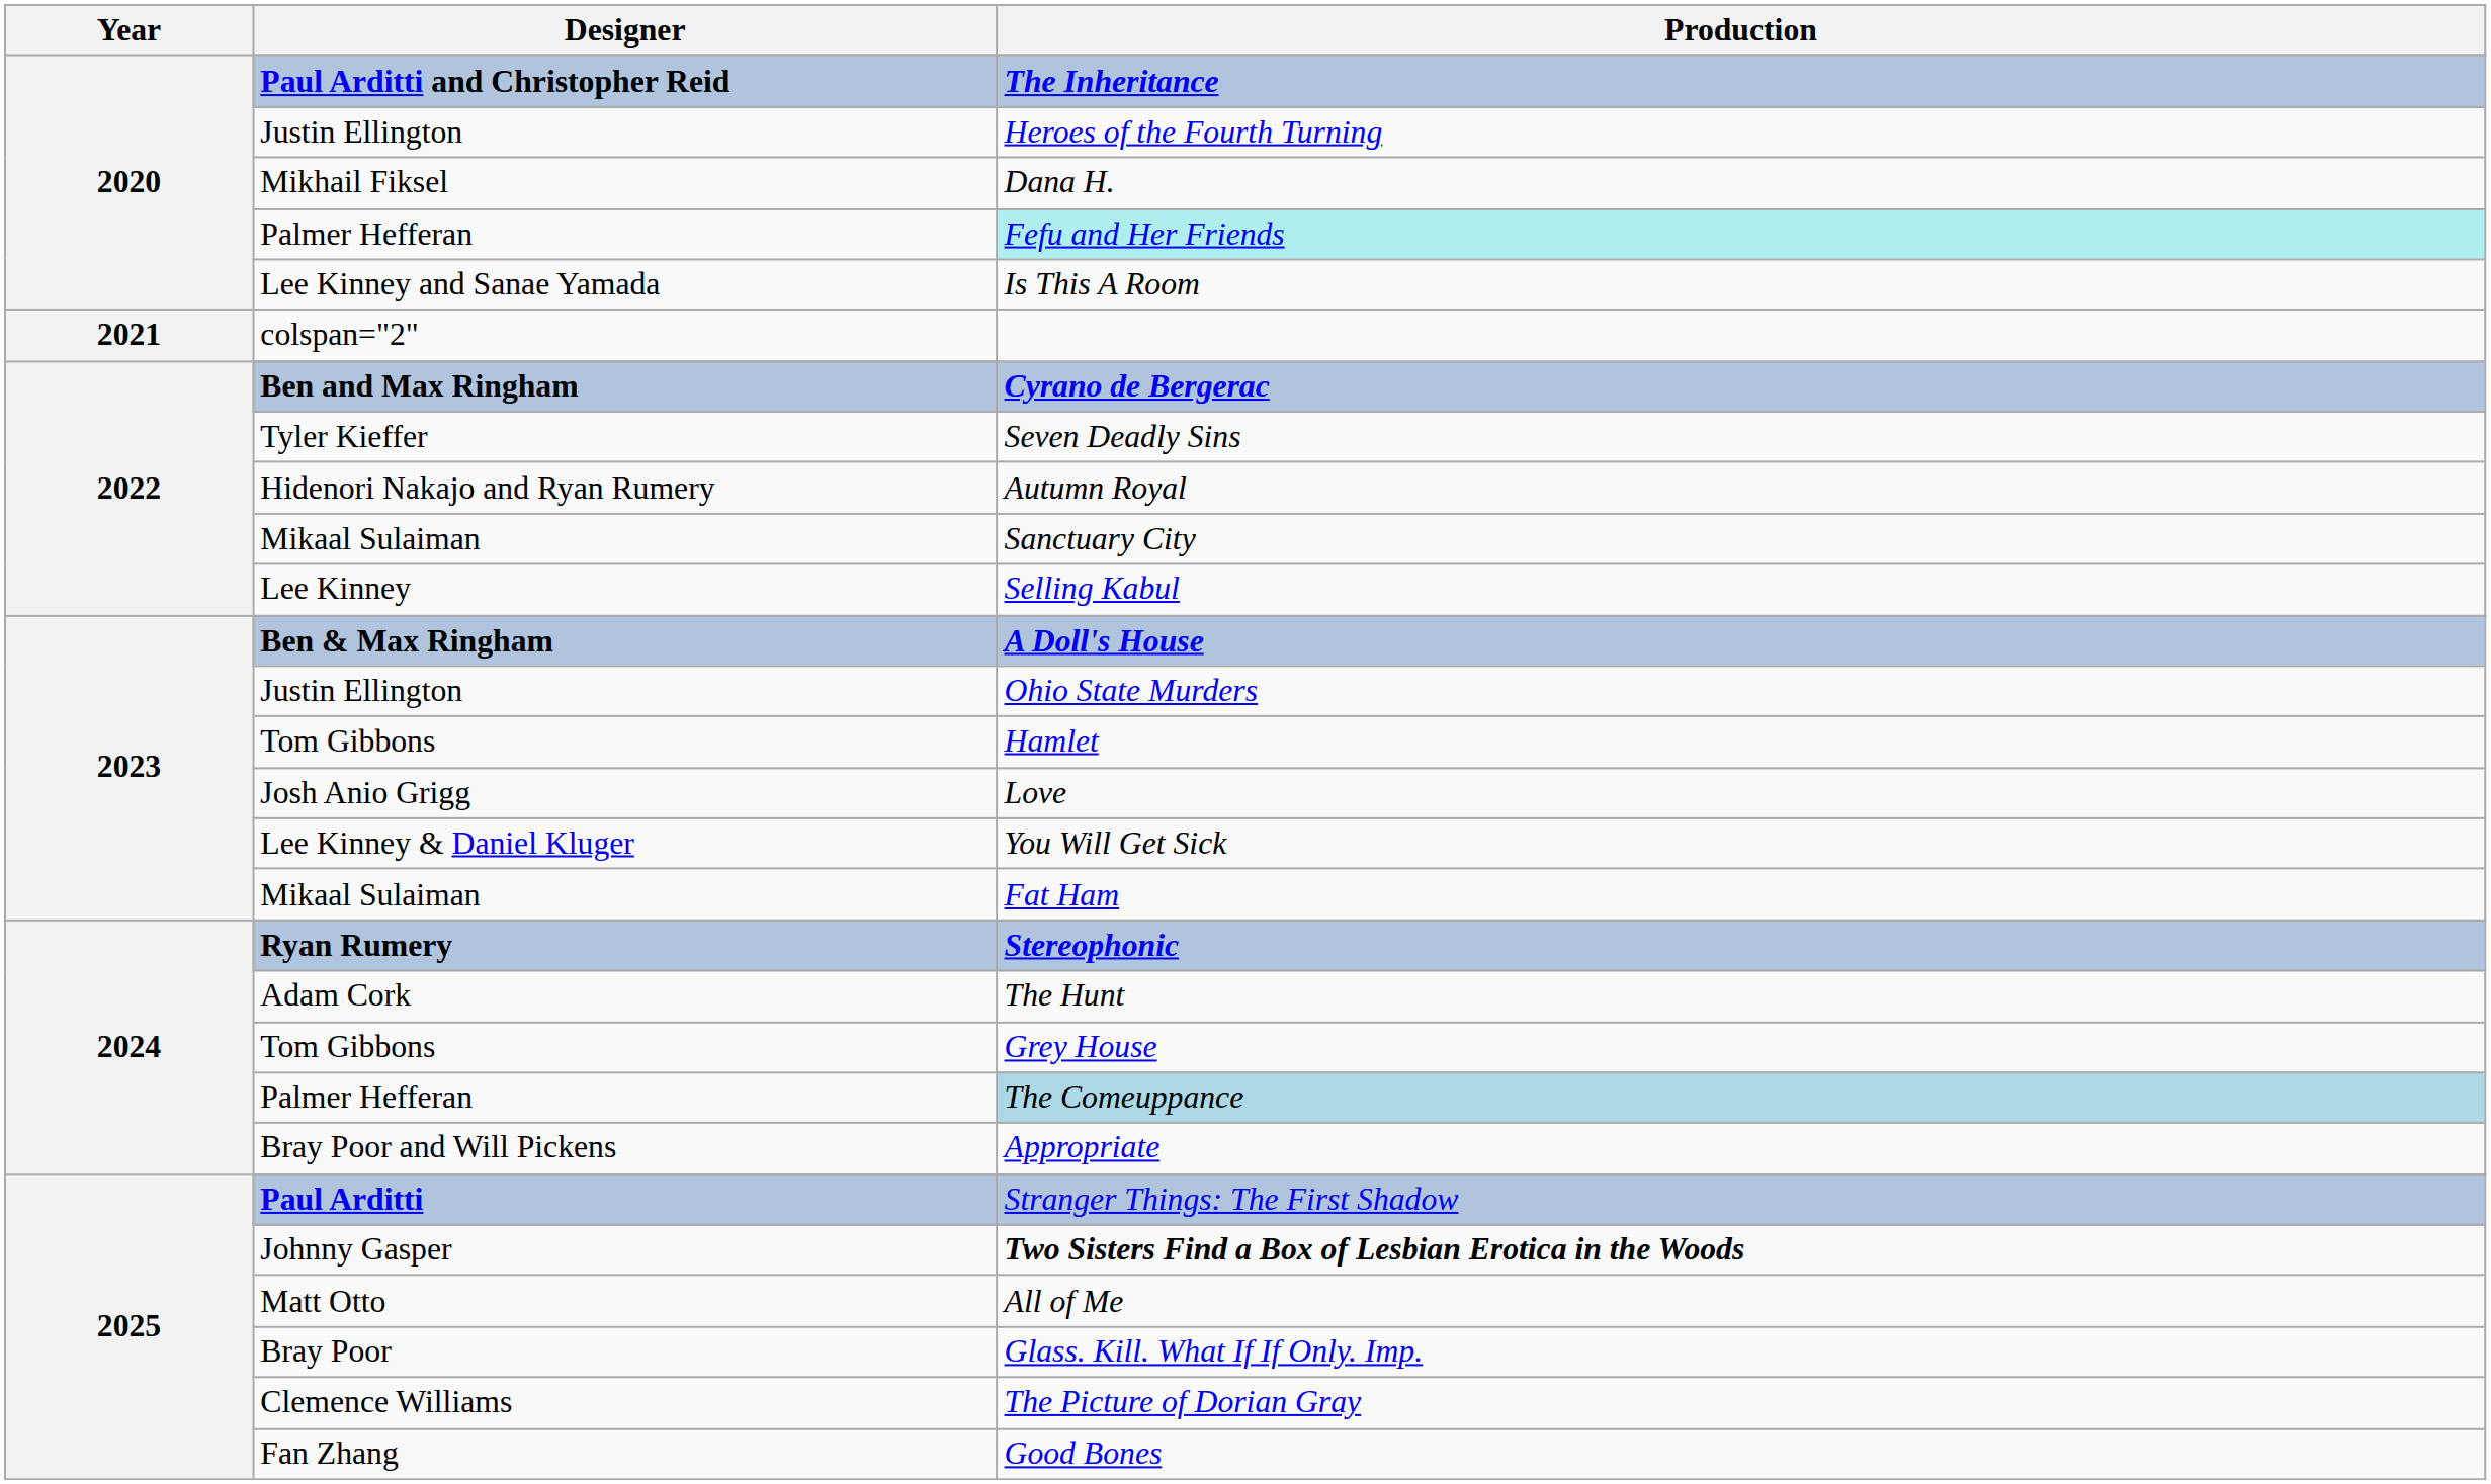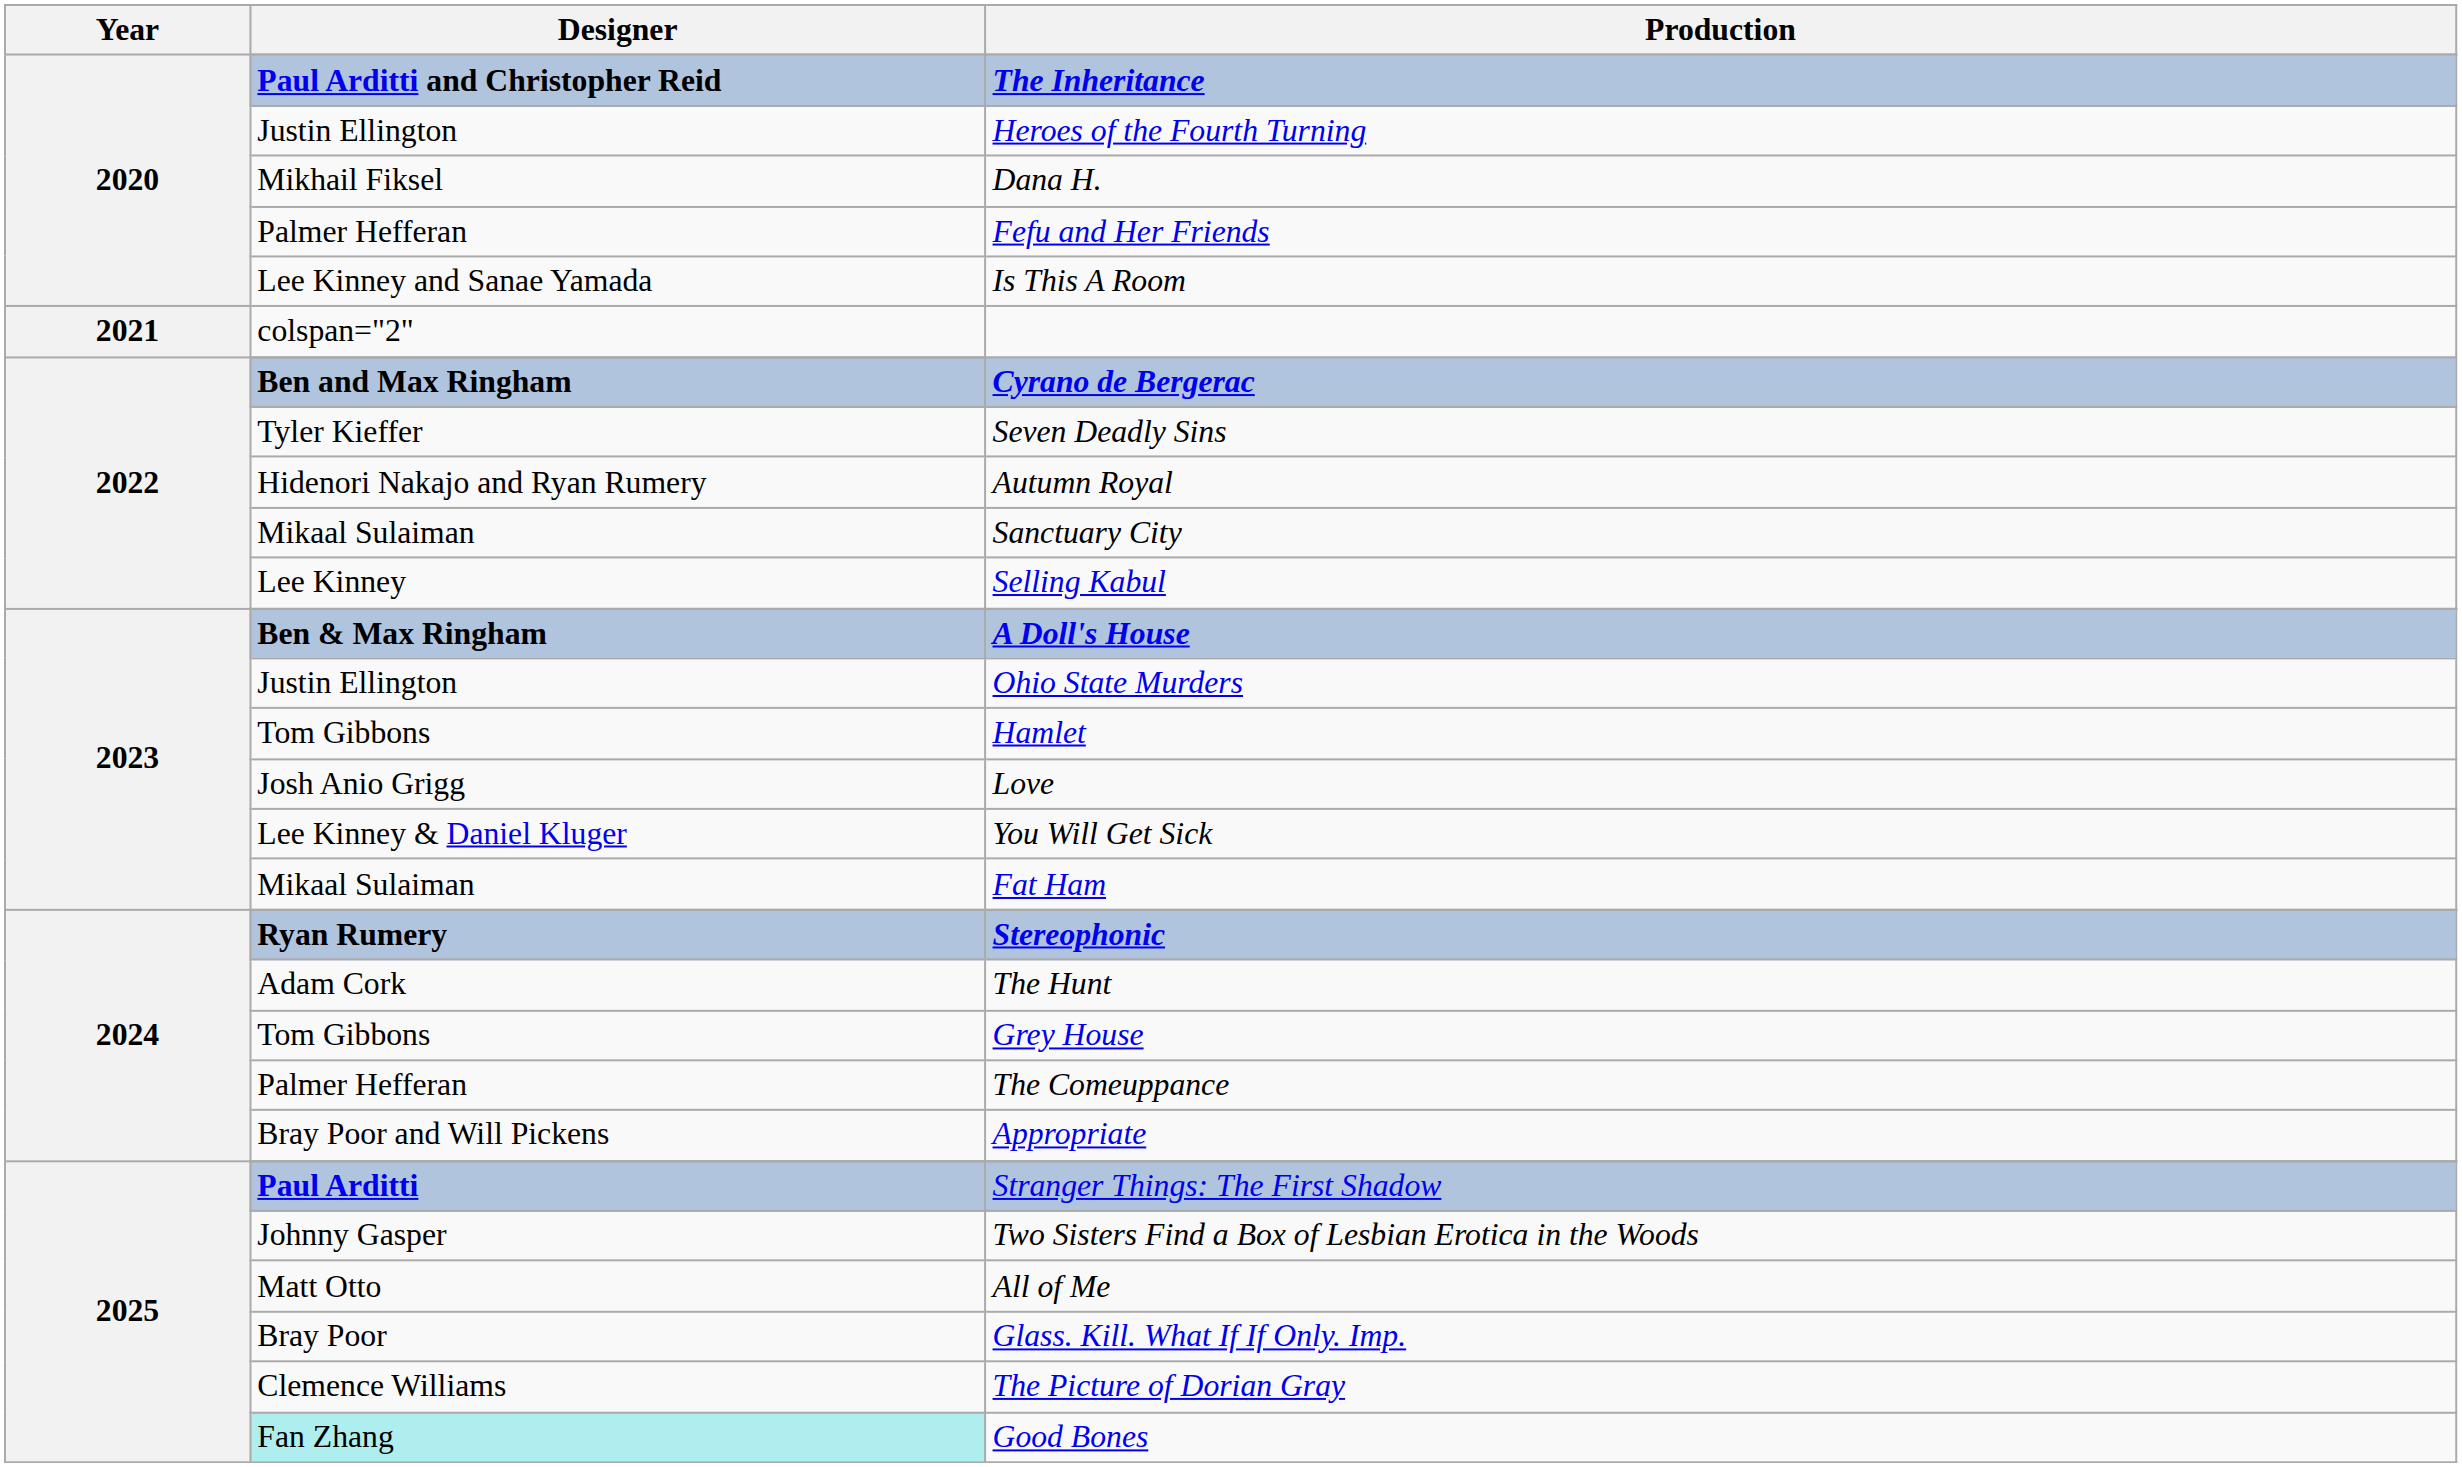 <table class="wikitable" style="width:98%;">
 <tr style="background:#bebebe;">
 <th style="width:10%;">Year</th>
 <th style="width:30%;">Designer</th>
 <th style="width:60%;">Production</th>
 </tr>
 <tr>
 <th rowspan="6">2020</th>
 </tr>
 <tr style="background:#B0C4DE">
 <td><strong><a href='#'>Paul Arditti</a> and Christopher Reid</strong></td>
 <td><strong><em><a href='#'>The Inheritance</a></em></strong></td>
 </tr>
 <tr>
 <td>Justin Ellington</td>
 <td><em><a href='#'>Heroes of the Fourth Turning</a></em></td>
 </tr>
 <tr>
 <td>Mikhail Fiksel</td>
 <td><em>Dana H.</em></td>
 </tr>
 <tr>
 <td>Palmer Hefferan</td>
-<td style="background: paleturquoise;"><em><a href='#'>Fefu and Her Friends</a></em></td>
+<td><em><a href='#'>Fefu and Her Friends</a></em></td>
 </tr>
 <tr>
 <td>Lee Kinney and Sanae Yamada</td>
 <td><em>Is This A Room</em></td>
 </tr>
 <tr>
 <th>2021</th>
 <td>colspan="2" </td>
 </tr>
 <tr>
 <th rowspan="6">2022</th>
 </tr>
 <tr style="background:#B0C4DE">
 <td><strong>Ben and Max Ringham</strong></td>
 <td><strong><em><a href='#'>Cyrano de Bergerac</a></em></strong></td>
 </tr>
 <tr>
 <td>Tyler Kieffer</td>
 <td><em>Seven Deadly Sins</em></td>
 </tr>
 <tr>
 <td>Hidenori Nakajo and Ryan Rumery</td>
 <td><em>Autumn Royal</em></td>
 </tr>
 <tr>
 <td>Mikaal Sulaiman</td>
 <td><em>Sanctuary City</em></td>
 </tr>
 <tr>
 <td>Lee Kinney</td>
 <td><em><a href='#'>Selling Kabul</a></em></td>
 </tr>
 <tr>
 <th rowspan="7">2023</th>
 </tr>
 <tr style="background:#B0C4DE">
 <td><strong>Ben & Max Ringham</strong></td>
 <td><strong><em><a href='#'>A Doll's House</a></em></strong></td>
 </tr>
 <tr>
 <td>Justin Ellington</td>
 <td><em><a href='#'>Ohio State Murders</a></em></td>
 </tr>
 <tr>
 <td>Tom Gibbons</td>
 <td><em><a href='#'>Hamlet</a></em></td>
 </tr>
 <tr>
 <td>Josh Anio Grigg</td>
 <td><em>Love</em></td>
 </tr>
 <tr>
 <td>Lee Kinney & <a href='#'>Daniel Kluger</a></td>
 <td><em>You Will Get Sick</em></td>
 </tr>
 <tr>
 <td>Mikaal Sulaiman</td>
 <td><em><a href='#'>Fat Ham</a></em></td>
 </tr>
 <tr>
 <th rowspan="6">2024</th>
 </tr>
 <tr style="background:#B0C4DE">
 <td><strong>Ryan Rumery</strong></td>
 <td><strong><em><a href='#'>Stereophonic</a></em></strong></td>
 </tr>
 <tr>
 <td>Adam Cork</td>
 <td><em>The Hunt</em></td>
 </tr>
 <tr>
 <td>Tom Gibbons</td>
 <td><em><a href='#'>Grey House</a></em></td>
 </tr>
 <tr>
 <td>Palmer Hefferan</td>
-<td style="background: lightblue;"><em>The Comeuppance</em></td>
+<td><em>The Comeuppance</em></td>
 </tr>
 <tr>
 <td>Bray Poor and Will Pickens</td>
 <td><em><a href='#'>Appropriate</a></em></td>
 </tr>
 <tr>
 <th rowspan="7">2025</th>
 </tr>
 <tr style="background:#B0C4DE">
 <td><strong><a href='#'>Paul Arditti</a></strong></td>
 <td><em><a href='#'>Stranger Things: The First Shadow</a></em></td>
 </tr>
 <tr>
 <td>Johnny Gasper</td>
-<td><strong><em>Two Sisters Find a Box of Lesbian Erotica in the Woods</em></strong></td>
+<td><em>Two Sisters Find a Box of Lesbian Erotica in the Woods</em></td>
 </tr>
 <tr>
 <td>Matt Otto</td>
 <td><em>All of Me</em></td>
 </tr>
 <tr>
 <td>Bray Poor</td>
 <td><em><a href='#'>Glass. Kill. What If If Only. Imp.</a></em></td>
 </tr>
 <tr>
 <td>Clemence Williams</td>
 <td><em><a href='#'>The Picture of Dorian Gray</a></em></td>
 </tr>
 <tr>
-<td>Fan Zhang</td>
+<td style="background: paleturquoise;">Fan Zhang</td>
 <td><em><a href='#'>Good Bones</a></em></td>
 </tr>
 </table>
